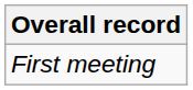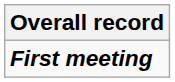 <table class="wikitable">
 <tr>
 <th>Overall record</th>
 </tr>
 <tr>
-<td><em>First meeting</em></td>
+<td><strong><em>First meeting</em></strong></td>
 </tr>
 </table>
